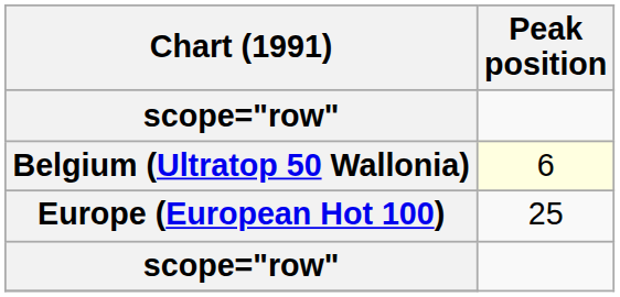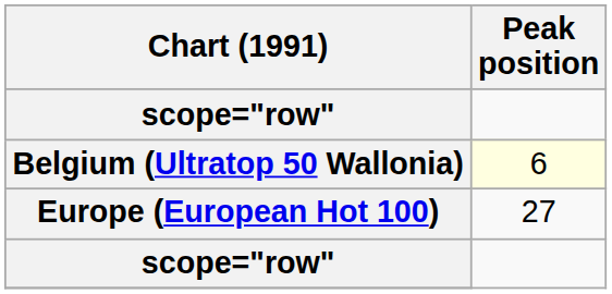 <table class="wikitable sortable plainrowheaders">
 <tr>
 <th>Chart (1991)</th>
 <th>Peak<br>position</th>
 </tr>
 <tr>
 <th>scope="row"</th>
 </tr>
 <tr>
 <th scope="row">Belgium (<a href='#'>Ultratop 50</a> Wallonia)</th>
 <td align="center" style="background: lightyellow;">6</td>
 </tr>
 <tr>
 <th scope="row">Europe (<a href='#'>European Hot 100</a>)</th>
-<td align="center">25</td>
+<td align="center">27</td>
 </tr>
 <tr>
 <th>scope="row"</th>
 </tr>
 <tr>
 </tr>
 </table>
